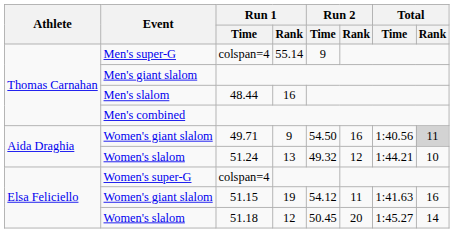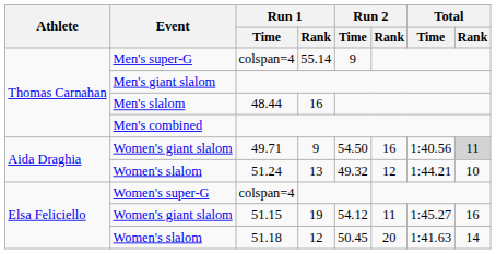 <table class="wikitable" style="font-size:90%">
 <tr>
 <th rowspan=2>Athlete</th>
 <th rowspan=2>Event</th>
 <th colspan=2>Run 1</th>
 <th colspan=2>Run 2</th>
 <th colspan=2>Total</th>
 </tr>
 <tr style="font-size:95%">
 <th>Time</th>
 <th>Rank</th>
 <th>Time</th>
 <th>Rank</th>
 <th>Time</th>
 <th>Rank</th>
 </tr>
 <tr align=center>
 <td align="left" rowspan="4"><a href='#'>Thomas Carnahan</a></td>
 <td align="left"><a href='#'>Men's super-G</a></td>
 <td>colspan=4 </td>
 <td>55.14</td>
 <td>9</td>
 </tr>
 <tr align=center>
 <td align="left"><a href='#'>Men's giant slalom</a></td>
 <td colspan=6></td>
 </tr>
 <tr align=center>
 <td align="left"><a href='#'>Men's slalom</a></td>
 <td>48.44</td>
 <td>16</td>
 <td colspan=4></td>
 </tr>
 <tr align=center>
 <td align="left"><a href='#'>Men's combined</a></td>
 <td colspan=6></td>
 </tr>
 <tr align=center>
 <td align="left" rowspan="2"><a href='#'>Aida Draghia</a></td>
 <td align="left"><a href='#'>Women's giant slalom</a></td>
 <td>49.71</td>
 <td>9</td>
 <td>54.50</td>
 <td>16</td>
 <td>1:40.56</td>
 <td style="background: lightgrey;">11</td>
 </tr>
 <tr align=center>
 <td align="left"><a href='#'>Women's slalom</a></td>
 <td>51.24</td>
 <td>13</td>
 <td>49.32</td>
 <td>12</td>
 <td>1:44.21</td>
 <td>10</td>
 </tr>
 <tr align=center>
 <td align="left" rowspan="3"><a href='#'>Elsa Feliciello</a></td>
 <td align="left"><a href='#'>Women's super-G</a></td>
 <td>colspan=4 </td>
 <td colspan=2></td>
 </tr>
 <tr align=center>
 <td align="left"><a href='#'>Women's giant slalom</a></td>
 <td>51.15</td>
 <td>19</td>
 <td>54.12</td>
 <td>11</td>
-<td>1:41.63</td>
+<td>1:45.27</td>
 <td>16</td>
 </tr>
 <tr align=center>
 <td align="left"><a href='#'>Women's slalom</a></td>
 <td>51.18</td>
 <td>12</td>
 <td>50.45</td>
 <td>20</td>
-<td>1:45.27</td>
+<td>1:41.63</td>
 <td>14</td>
 </tr>
 </table>
